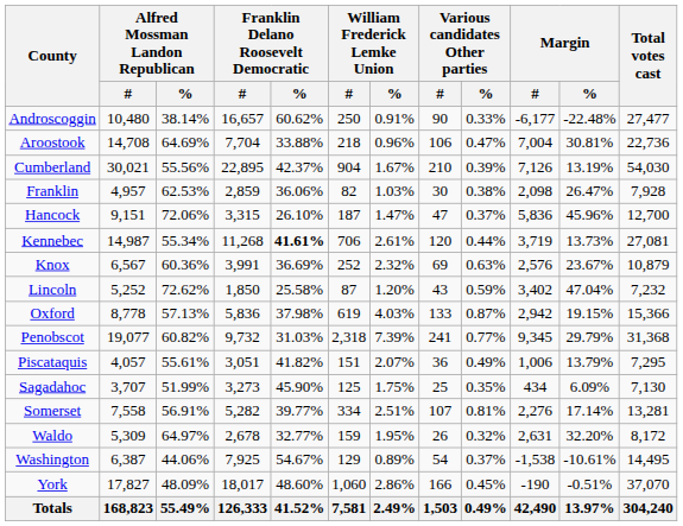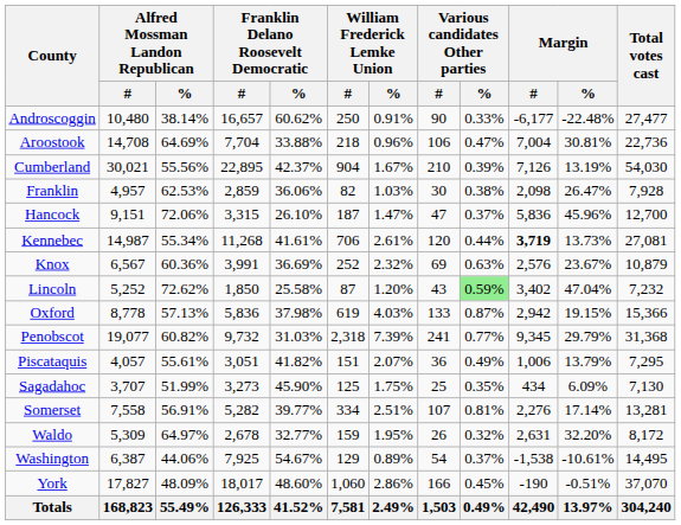 <table width="70%"  class="wikitable sortable" style="text-align:center">
 <tr>
 <th style="text-align:center;" rowspan="2">County</th>
 <th style="text-align:center;" colspan="2">Alfred Mossman Landon<br>Republican</th>
 <th style="text-align:center;" colspan="2">Franklin Delano Roosevelt<br>Democratic</th>
 <th style="text-align:center;" colspan="2">William Frederick Lemke<br>Union</th>
 <th style="text-align:center;" colspan="2">Various candidates<br>Other parties</th>
 <th style="text-align:center;" colspan="2">Margin</th>
 <th style="text-align:center;" rowspan="2">Total votes cast</th>
 </tr>
 <tr>
 <th style="text-align:center;" data-sort-type="number">#</th>
 <th style="text-align:center;" data-sort-type="number">%</th>
 <th style="text-align:center;" data-sort-type="number">#</th>
 <th style="text-align:center;" data-sort-type="number">%</th>
 <th style="text-align:center;" data-sort-type="number">#</th>
 <th style="text-align:center;" data-sort-type="number">%</th>
 <th style="text-align:center;" data-sort-type="number">#</th>
 <th style="text-align:center;" data-sort-type="number">%</th>
 <th style="text-align:center;" data-sort-type="number">#</th>
 <th style="text-align:center;" data-sort-type="number">%</th>
 </tr>
 <tr style="text-align:center;">
 <td><a href='#'>Androscoggin</a></td>
 <td>10,480</td>
 <td>38.14%</td>
 <td>16,657</td>
 <td>60.62%</td>
 <td>250</td>
 <td>0.91%</td>
 <td>90</td>
 <td>0.33%</td>
 <td>-6,177</td>
 <td>-22.48%</td>
 <td>27,477</td>
 </tr>
 <tr style="text-align:center;">
 <td><a href='#'>Aroostook</a></td>
 <td>14,708</td>
 <td>64.69%</td>
 <td>7,704</td>
 <td>33.88%</td>
 <td>218</td>
 <td>0.96%</td>
 <td>106</td>
 <td>0.47%</td>
 <td>7,004</td>
 <td>30.81%</td>
 <td>22,736</td>
 </tr>
 <tr style="text-align:center;">
 <td><a href='#'>Cumberland</a></td>
 <td>30,021</td>
 <td>55.56%</td>
 <td>22,895</td>
 <td>42.37%</td>
 <td>904</td>
 <td>1.67%</td>
 <td>210</td>
 <td>0.39%</td>
 <td>7,126</td>
 <td>13.19%</td>
 <td>54,030</td>
 </tr>
 <tr style="text-align:center;">
 <td><a href='#'>Franklin</a></td>
 <td>4,957</td>
 <td>62.53%</td>
 <td>2,859</td>
 <td>36.06%</td>
 <td>82</td>
 <td>1.03%</td>
 <td>30</td>
 <td>0.38%</td>
 <td>2,098</td>
 <td>26.47%</td>
 <td>7,928</td>
 </tr>
 <tr style="text-align:center;">
 <td><a href='#'>Hancock</a></td>
 <td>9,151</td>
 <td>72.06%</td>
 <td>3,315</td>
 <td>26.10%</td>
 <td>187</td>
 <td>1.47%</td>
 <td>47</td>
 <td>0.37%</td>
 <td>5,836</td>
 <td>45.96%</td>
 <td>12,700</td>
 </tr>
 <tr style="text-align:center;">
 <td><a href='#'>Kennebec</a></td>
 <td>14,987</td>
 <td>55.34%</td>
 <td>11,268</td>
-<td><strong>41.61%</strong></td>
+<td>41.61%</td>
 <td>706</td>
 <td>2.61%</td>
 <td>120</td>
 <td>0.44%</td>
-<td>3,719</td>
+<td><strong>3,719</strong></td>
 <td>13.73%</td>
 <td>27,081</td>
 </tr>
 <tr style="text-align:center;">
 <td><a href='#'>Knox</a></td>
 <td>6,567</td>
 <td>60.36%</td>
 <td>3,991</td>
 <td>36.69%</td>
 <td>252</td>
 <td>2.32%</td>
 <td>69</td>
 <td>0.63%</td>
 <td>2,576</td>
 <td>23.67%</td>
 <td>10,879</td>
 </tr>
 <tr style="text-align:center;">
 <td><a href='#'>Lincoln</a></td>
 <td>5,252</td>
 <td>72.62%</td>
 <td>1,850</td>
 <td>25.58%</td>
 <td>87</td>
 <td>1.20%</td>
 <td>43</td>
-<td>0.59%</td>
+<td style="background: lightgreen;">0.59%</td>
 <td>3,402</td>
 <td>47.04%</td>
 <td>7,232</td>
 </tr>
 <tr style="text-align:center;">
 <td><a href='#'>Oxford</a></td>
 <td>8,778</td>
 <td>57.13%</td>
 <td>5,836</td>
 <td>37.98%</td>
 <td>619</td>
 <td>4.03%</td>
 <td>133</td>
 <td>0.87%</td>
 <td>2,942</td>
 <td>19.15%</td>
 <td>15,366</td>
 </tr>
 <tr style="text-align:center;">
 <td><a href='#'>Penobscot</a></td>
 <td>19,077</td>
 <td>60.82%</td>
 <td>9,732</td>
 <td>31.03%</td>
 <td>2,318</td>
 <td>7.39%</td>
 <td>241</td>
 <td>0.77%</td>
 <td>9,345</td>
 <td>29.79%</td>
 <td>31,368</td>
 </tr>
 <tr style="text-align:center;">
 <td><a href='#'>Piscataquis</a></td>
 <td>4,057</td>
 <td>55.61%</td>
 <td>3,051</td>
 <td>41.82%</td>
 <td>151</td>
 <td>2.07%</td>
 <td>36</td>
 <td>0.49%</td>
 <td>1,006</td>
 <td>13.79%</td>
 <td>7,295</td>
 </tr>
 <tr style="text-align:center;">
 <td><a href='#'>Sagadahoc</a></td>
 <td>3,707</td>
 <td>51.99%</td>
 <td>3,273</td>
 <td>45.90%</td>
 <td>125</td>
 <td>1.75%</td>
 <td>25</td>
 <td>0.35%</td>
 <td>434</td>
 <td>6.09%</td>
 <td>7,130</td>
 </tr>
 <tr style="text-align:center;">
 <td><a href='#'>Somerset</a></td>
 <td>7,558</td>
 <td>56.91%</td>
 <td>5,282</td>
 <td>39.77%</td>
 <td>334</td>
 <td>2.51%</td>
 <td>107</td>
 <td>0.81%</td>
 <td>2,276</td>
 <td>17.14%</td>
 <td>13,281</td>
 </tr>
 <tr style="text-align:center;">
 <td><a href='#'>Waldo</a></td>
 <td>5,309</td>
 <td>64.97%</td>
 <td>2,678</td>
 <td>32.77%</td>
 <td>159</td>
 <td>1.95%</td>
 <td>26</td>
 <td>0.32%</td>
 <td>2,631</td>
 <td>32.20%</td>
 <td>8,172</td>
 </tr>
 <tr style="text-align:center;">
 <td><a href='#'>Washington</a></td>
 <td>6,387</td>
 <td>44.06%</td>
 <td>7,925</td>
 <td>54.67%</td>
 <td>129</td>
 <td>0.89%</td>
 <td>54</td>
 <td>0.37%</td>
 <td>-1,538</td>
 <td>-10.61%</td>
 <td>14,495</td>
 </tr>
 <tr style="text-align:center;">
 <td><a href='#'>York</a></td>
 <td>17,827</td>
 <td>48.09%</td>
 <td>18,017</td>
 <td>48.60%</td>
 <td>1,060</td>
 <td>2.86%</td>
 <td>166</td>
 <td>0.45%</td>
 <td>-190</td>
 <td>-0.51%</td>
 <td>37,070</td>
 </tr>
 <tr style="text-align:center;">
 <th>Totals</th>
 <th>168,823</th>
 <th>55.49%</th>
 <th>126,333</th>
 <th>41.52%</th>
 <th>7,581</th>
 <th>2.49%</th>
 <th>1,503</th>
 <th>0.49%</th>
 <th>42,490</th>
 <th>13.97%</th>
 <th>304,240</th>
 </tr>
 </table>
